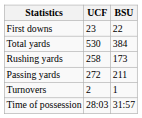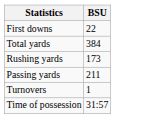 <table class="wikitable" style="float: left;">
 <tr>
 <th>Statistics</th>
-<th>UCF</th>
 <th>BSU</th>
 </tr>
 <tr>
 <td>First downs</td>
-<td>23</td>
 <td>22</td>
 </tr>
 <tr>
 <td>Total yards</td>
-<td>530</td>
 <td>384</td>
 </tr>
 <tr>
 <td>Rushing yards</td>
-<td>258</td>
 <td>173</td>
 </tr>
 <tr>
 <td>Passing yards</td>
-<td>272</td>
 <td>211</td>
 </tr>
 <tr>
 <td>Turnovers</td>
-<td>2</td>
 <td>1</td>
 </tr>
 <tr>
 <td>Time of possession</td>
-<td>28:03</td>
 <td>31:57</td>
 </tr>
 </table>
